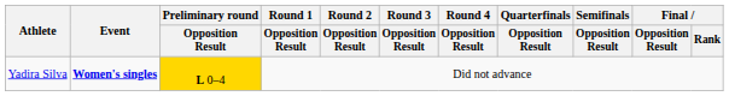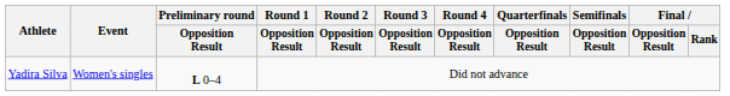 <table class="wikitable" style="font-size:90%">
 <tr>
 <th rowspan="2">Athlete</th>
 <th rowspan="2">Event</th>
 <th>Preliminary round</th>
 <th>Round 1</th>
 <th>Round 2</th>
 <th>Round 3</th>
 <th>Round 4</th>
 <th>Quarterfinals</th>
 <th>Semifinals</th>
 <th colspan=2>Final / </th>
 </tr>
 <tr style="font-size:95%">
 <th>Opposition<br>Result</th>
 <th>Opposition<br>Result</th>
 <th>Opposition<br>Result</th>
 <th>Opposition<br>Result</th>
 <th>Opposition<br>Result</th>
 <th>Opposition<br>Result</th>
 <th>Opposition<br>Result</th>
 <th>Opposition<br>Result</th>
 <th>Rank</th>
 </tr>
 <tr align=center>
 <td align=left><a href='#'>Yadira Silva</a></td>
-<td align=left><strong><a href='#'>Women's singles</a></strong></td>
-<td style="background: gold;"><br><strong>L</strong> 0–4</td>
+<td align=left><a href='#'>Women's singles</a></td>
+<td><br><strong>L</strong> 0–4</td>
 <td colspan=8>Did not advance</td>
 </tr>
 </table>
